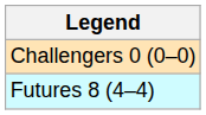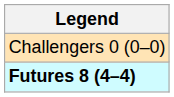 <table class=wikitable style=font-size:97%>
 <tr>
 <th>Legend</th>
 </tr>
 <tr style="background:moccasin;">
 <td>Challengers 0 (0–0)</td>
 </tr>
 <tr style="background:#cffcff;">
-<td>Futures 8 (4–4)</td>
+<td><strong>Futures 8 (4–4)</strong></td>
 </tr>
 </table>
